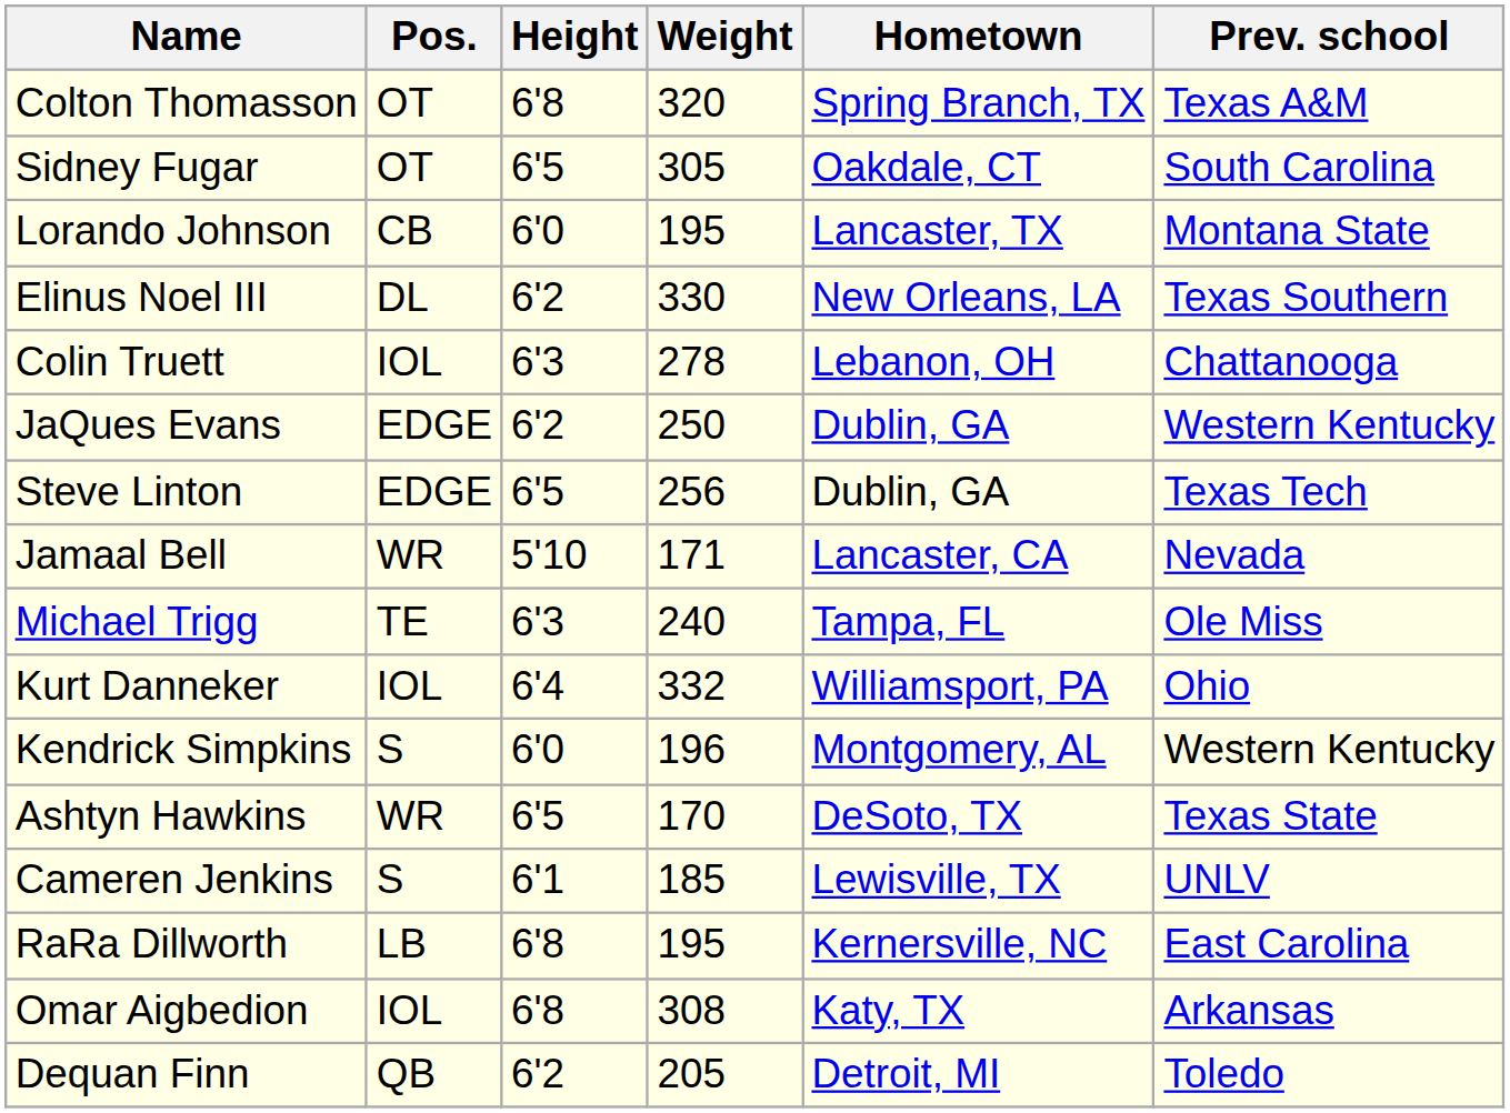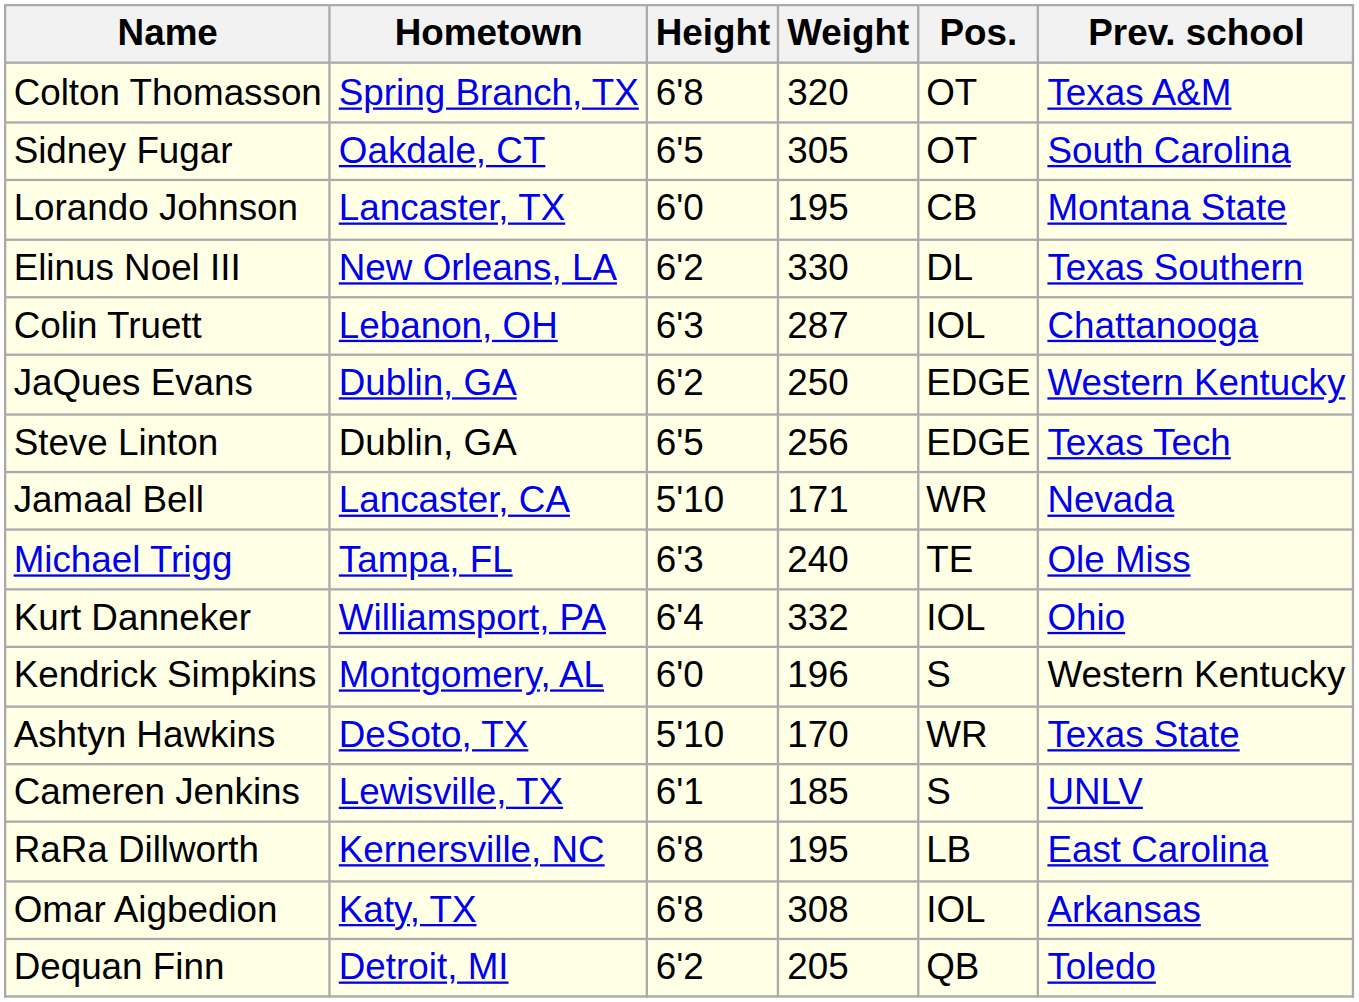 <table class="wikitable sortable">
 <tr>
 <th>Name</th>
-<th>Pos.</th>
+<th>Hometown</th>
 <th>Height</th>
 <th>Weight</th>
-<th>Hometown</th>
+<th>Pos.</th>
 <th class="unsortable">Prev. school</th>
 </tr>
 <tr style="background:#FFFFE6;">
 <td>Colton Thomasson</td>
-<td>OT</td>
+<td><a href='#'>Spring Branch, TX</a></td>
 <td>6'8</td>
 <td>320</td>
-<td><a href='#'>Spring Branch, TX</a></td>
+<td>OT</td>
 <td><a href='#'>Texas A&M</a></td>
 </tr>
 <tr style="background:#FFFFE6;">
 <td>Sidney Fugar</td>
-<td>OT</td>
+<td><a href='#'>Oakdale, CT</a></td>
 <td>6'5</td>
 <td>305</td>
-<td><a href='#'>Oakdale, CT</a></td>
+<td>OT</td>
 <td><a href='#'>South Carolina</a></td>
 </tr>
 <tr style="background:#FFFFE6;">
 <td>Lorando Johnson</td>
-<td>CB</td>
+<td><a href='#'>Lancaster, TX</a></td>
 <td>6'0</td>
 <td>195</td>
-<td><a href='#'>Lancaster, TX</a></td>
+<td>CB</td>
 <td><a href='#'>Montana State</a></td>
 </tr>
 <tr style="background:#FFFFE6;">
 <td>Elinus Noel III</td>
-<td>DL</td>
+<td><a href='#'>New Orleans, LA</a></td>
 <td>6'2</td>
 <td>330</td>
-<td><a href='#'>New Orleans, LA</a></td>
+<td>DL</td>
 <td><a href='#'>Texas Southern</a></td>
 </tr>
 <tr style="background:#FFFFE6;">
 <td>Colin Truett</td>
+<td><a href='#'>Lebanon, OH</a></td>
+<td>6'3</td>
+<td>287</td>
 <td>IOL</td>
-<td>6'3</td>
-<td>278</td>
-<td><a href='#'>Lebanon, OH</a></td>
 <td><a href='#'>Chattanooga</a></td>
 </tr>
 <tr style="background:#FFFFE6;">
 <td>JaQues Evans</td>
-<td>EDGE</td>
+<td><a href='#'>Dublin, GA</a></td>
 <td>6'2</td>
 <td>250</td>
-<td><a href='#'>Dublin, GA</a></td>
+<td>EDGE</td>
 <td><a href='#'>Western Kentucky</a></td>
 </tr>
 <tr style="background:#FFFFE6;">
 <td>Steve Linton</td>
-<td>EDGE</td>
+<td>Dublin, GA</td>
 <td>6'5</td>
 <td>256</td>
-<td>Dublin, GA</td>
+<td>EDGE</td>
 <td><a href='#'>Texas Tech</a></td>
 </tr>
 <tr style="background:#FFFFE6;">
 <td>Jamaal Bell</td>
-<td>WR</td>
+<td><a href='#'>Lancaster, CA</a></td>
 <td>5'10</td>
 <td>171</td>
-<td><a href='#'>Lancaster, CA</a></td>
+<td>WR</td>
 <td><a href='#'>Nevada</a></td>
 </tr>
 <tr style="background:#FFFFE6;">
 <td><a href='#'>Michael Trigg</a></td>
-<td>TE</td>
+<td><a href='#'>Tampa, FL</a></td>
 <td>6'3</td>
 <td>240</td>
-<td><a href='#'>Tampa, FL</a></td>
+<td>TE</td>
 <td><a href='#'>Ole Miss</a></td>
 </tr>
 <tr style="background:#FFFFE6;">
 <td>Kurt Danneker</td>
-<td>IOL</td>
+<td><a href='#'>Williamsport, PA</a></td>
 <td>6'4</td>
 <td>332</td>
-<td><a href='#'>Williamsport, PA</a></td>
+<td>IOL</td>
 <td><a href='#'>Ohio</a></td>
 </tr>
 <tr style="background:#FFFFE6;">
 <td>Kendrick Simpkins</td>
-<td>S</td>
+<td><a href='#'>Montgomery, AL</a></td>
 <td>6'0</td>
 <td>196</td>
-<td><a href='#'>Montgomery, AL</a></td>
+<td>S</td>
 <td>Western Kentucky</td>
 </tr>
 <tr style="background:#FFFFE6;">
 <td>Ashtyn Hawkins</td>
+<td><a href='#'>DeSoto, TX</a></td>
+<td>5'10</td>
+<td>170</td>
 <td>WR</td>
-<td>6'5</td>
-<td>170</td>
-<td><a href='#'>DeSoto, TX</a></td>
 <td><a href='#'>Texas State</a></td>
 </tr>
 <tr style="background:#FFFFE6;">
 <td>Cameren Jenkins</td>
-<td>S</td>
+<td><a href='#'>Lewisville, TX</a></td>
 <td>6'1</td>
 <td>185</td>
-<td><a href='#'>Lewisville, TX</a></td>
+<td>S</td>
 <td><a href='#'>UNLV</a></td>
 </tr>
 <tr style="background:#FFFFE6;">
 <td>RaRa Dillworth</td>
-<td>LB</td>
+<td><a href='#'>Kernersville, NC</a></td>
 <td>6'8</td>
 <td>195</td>
-<td><a href='#'>Kernersville, NC</a></td>
+<td>LB</td>
 <td><a href='#'>East Carolina</a></td>
 </tr>
 <tr style="background:#FFFFE6;">
 <td>Omar Aigbedion</td>
-<td>IOL</td>
+<td><a href='#'>Katy, TX</a></td>
 <td>6'8</td>
 <td>308</td>
-<td><a href='#'>Katy, TX</a></td>
+<td>IOL</td>
 <td><a href='#'>Arkansas</a></td>
 </tr>
 <tr style="background:#FFFFE6;">
 <td>Dequan Finn</td>
-<td>QB</td>
+<td><a href='#'>Detroit, MI</a></td>
 <td>6'2</td>
 <td>205</td>
-<td><a href='#'>Detroit, MI</a></td>
+<td>QB</td>
 <td><a href='#'>Toledo</a></td>
 </tr>
 </table>
